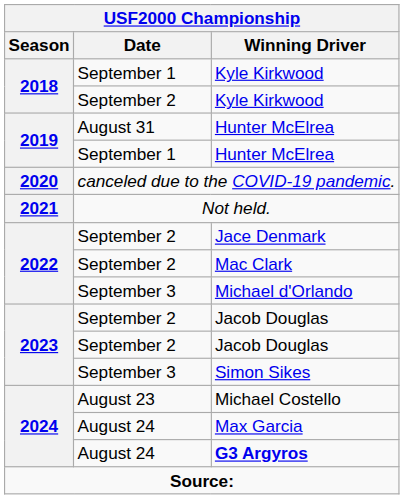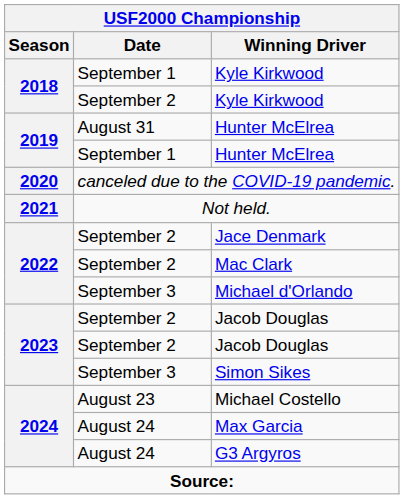 <table class="wikitable" style="font-size: 95%;">
 <tr>
 <th colspan=3><a href='#'>USF2000 Championship</a></th>
 </tr>
 <tr>
 <th>Season</th>
 <th>Date</th>
 <th>Winning Driver</th>
 </tr>
 <tr>
 <th rowspan="2"><a href='#'>2018</a></th>
 <td>September 1</td>
 <td>  <a href='#'>Kyle Kirkwood</a></td>
 </tr>
 <tr>
 <td>September 2</td>
 <td>  <a href='#'>Kyle Kirkwood</a></td>
 </tr>
 <tr>
 <th rowspan="2"><a href='#'>2019</a></th>
 <td>August 31</td>
 <td>  <a href='#'>Hunter McElrea</a></td>
 </tr>
 <tr>
 <td>September 1</td>
 <td>  <a href='#'>Hunter McElrea</a></td>
 </tr>
 <tr>
 <th><a href='#'>2020</a></th>
 <td align=center colspan="2"><em>canceled due to the <a href='#'>COVID-19 pandemic</a>.</em></td>
 </tr>
 <tr>
 <th><a href='#'>2021</a></th>
 <td align=center colspan="2"><em>Not held.</em></td>
 </tr>
 <tr>
 <th rowspan="3"><a href='#'>2022</a></th>
 <td>September 2</td>
 <td>  <a href='#'>Jace Denmark</a></td>
 </tr>
 <tr>
 <td>September 2</td>
 <td>  <a href='#'>Mac Clark</a></td>
 </tr>
 <tr>
 <td>September 3</td>
 <td>  <a href='#'>Michael d'Orlando</a></td>
 </tr>
 <tr>
 <th rowspan="3"><a href='#'>2023</a></th>
 <td>September 2</td>
 <td>  Jacob Douglas</td>
 </tr>
 <tr>
 <td>September 2</td>
 <td>  Jacob Douglas</td>
 </tr>
 <tr>
 <td>September 3</td>
 <td>  <a href='#'>Simon Sikes</a></td>
 </tr>
 <tr>
 <th rowspan="3"><a href='#'>2024</a></th>
 <td>August 23</td>
 <td>  Michael Costello</td>
 </tr>
 <tr>
 <td>August 24</td>
 <td>  <a href='#'>Max Garcia</a></td>
 </tr>
 <tr>
 <td>August 24</td>
-<td><strong>  <a href='#'>G3 Argyros</a></strong></td>
+<td>  <a href='#'>G3 Argyros</a></td>
 </tr>
 <tr>
 <td colspan="3" align=center><strong>Source:</strong> </td>
 </tr>
 </table>
